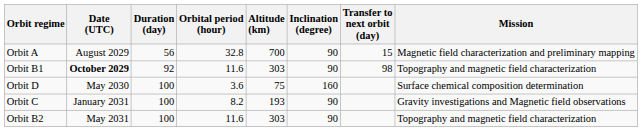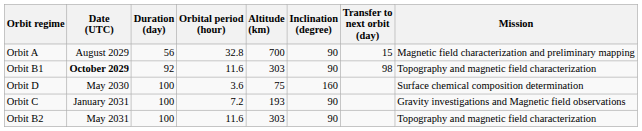 <table class="wikitable" style="text-align:right;">
 <tr>
 <th>Orbit regime</th>
 <th>Date<br>(UTC)</th>
 <th>Duration<br>(day)</th>
 <th>Orbital period<br>(hour)</th>
 <th style="text-align:left;">Altitude<br>(km)</th>
 <th>Inclination<br>(degree)</th>
 <th>Transfer to<br>next orbit<br>(day)</th>
 <th>Mission</th>
 </tr>
 <tr>
 <td style="text-align:left;">Orbit A</td>
 <td>August 2029</td>
 <td>56</td>
 <td>32.8</td>
 <td>700</td>
 <td>90</td>
 <td>15</td>
 <td style="text-align:left;">Magnetic field characterization and preliminary mapping</td>
 </tr>
 <tr>
 <td style="text-align:left;">Orbit B1</td>
 <td><strong>October 2029</strong></td>
 <td>92</td>
 <td>11.6</td>
 <td>303</td>
 <td>90</td>
 <td>98</td>
 <td style="text-align:left;">Topography and magnetic field characterization</td>
 </tr>
 <tr>
 <td style="text-align:left;">Orbit D</td>
 <td>May 2030</td>
 <td>100</td>
 <td>3.6</td>
 <td>75</td>
 <td>160</td>
 <td></td>
 <td style="text-align:left;">Surface chemical composition determination</td>
 </tr>
 <tr>
 <td style="text-align:left;">Orbit C</td>
 <td>January 2031</td>
 <td>100</td>
-<td>8.2</td>
+<td>7.2</td>
 <td>193</td>
 <td>90</td>
 <td></td>
 <td style="text-align:left;">Gravity investigations and Magnetic field observations</td>
 </tr>
 <tr>
 <td style="text-align:left;">Orbit B2</td>
 <td>May 2031</td>
 <td>100</td>
 <td>11.6</td>
 <td>303</td>
 <td>90</td>
 <td></td>
 <td style="text-align:left;">Topography and magnetic field characterization</td>
 </tr>
 </table>
